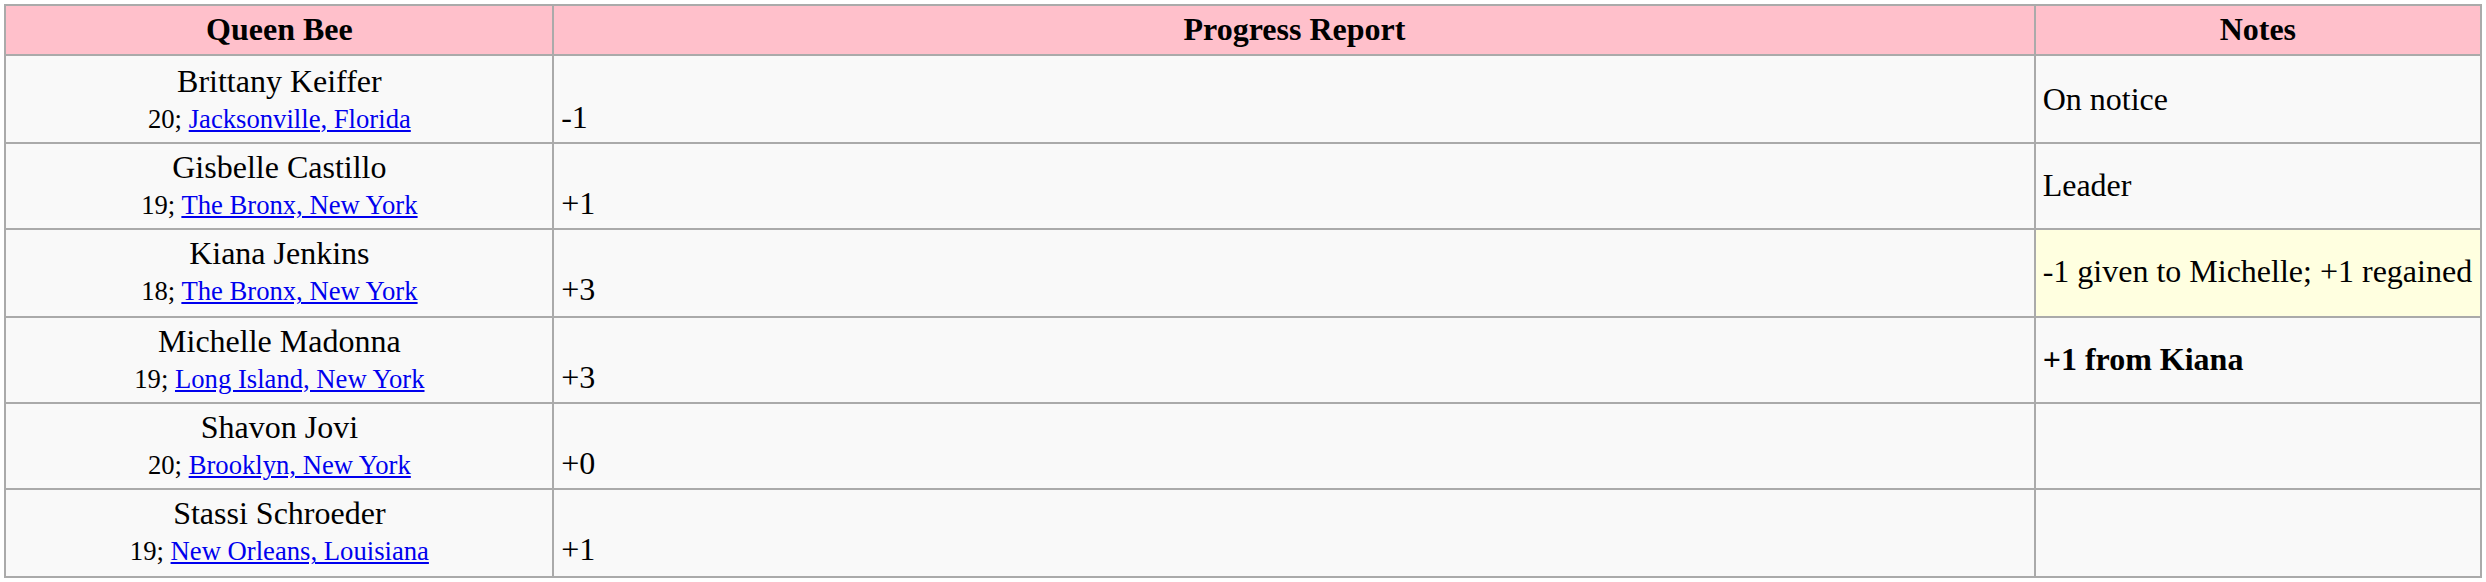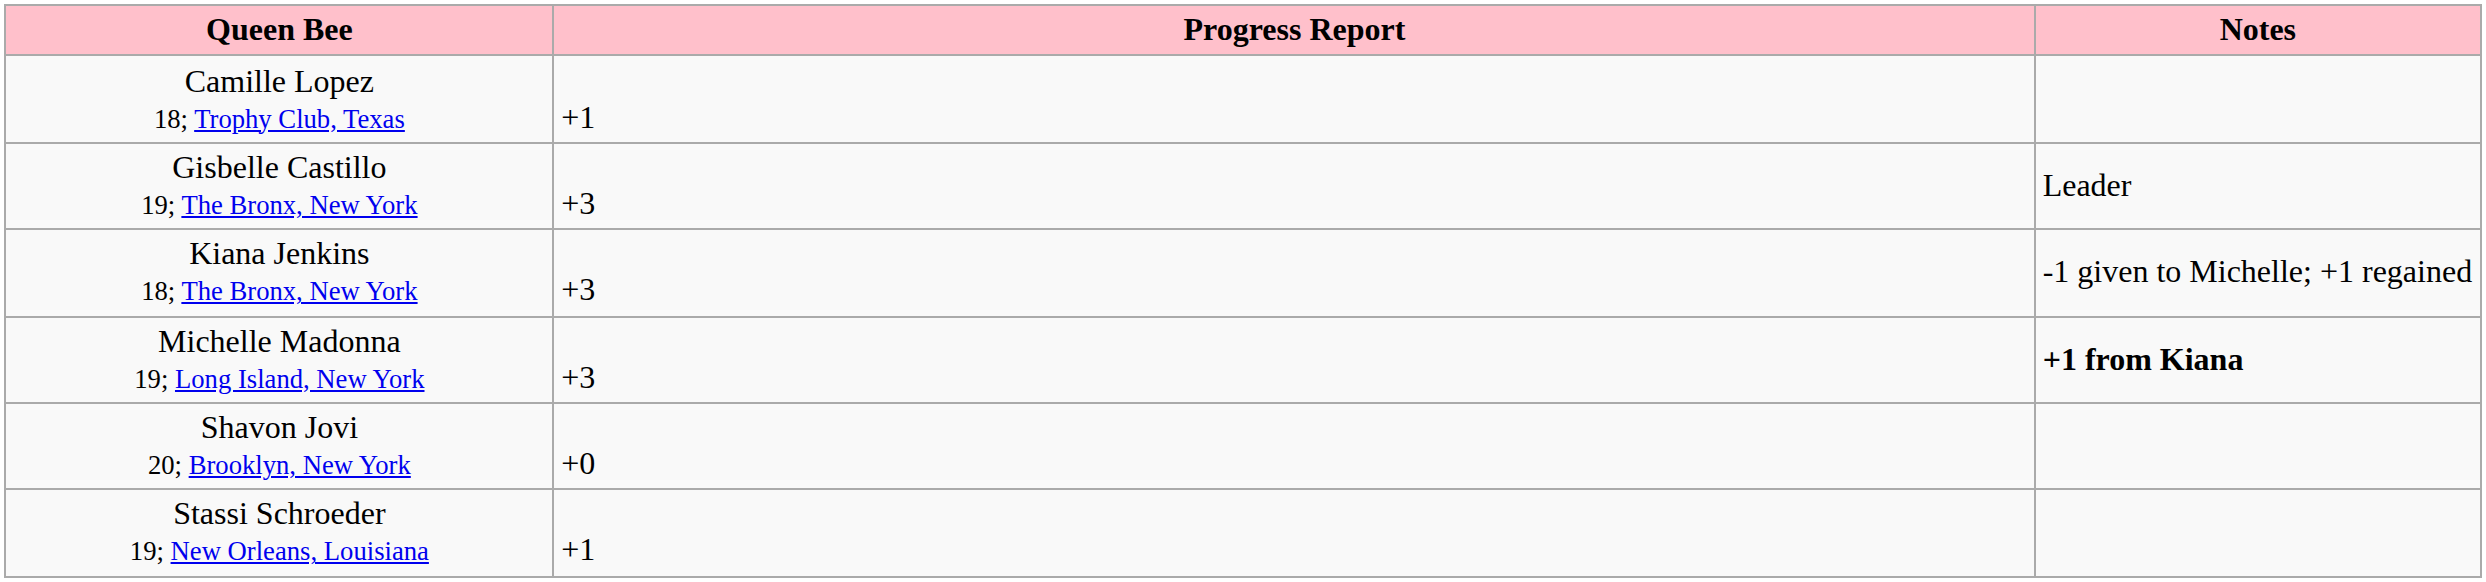 <table class="wikitable" width="98%">
 <tr>
 <th width="125" style="background:pink;">Queen Bee</th>
 <th width="350" style="background:pink;">Progress Report</th>
 <th width="100" style="background:pink;">Notes</th>
 </tr>
 <tr>
-<td style="text-align:center;">Brittany Keiffer<br><small>20; <a href='#'>Jacksonville, Florida</a></small></td>
-<td><br>  -1</td>
-<td>On notice</td>
+<td style="text-align:center;">Camille Lopez<br><small>18; <a href='#'>Trophy Club, Texas</a></small></td>
+<td><br>     +1</td>
+<td></td>
 </tr>
 <tr>
 <td style="text-align:center;">Gisbelle Castillo<br><small>19; <a href='#'>The Bronx, New York</a></small></td>
-<td><br>      +1</td>
+<td><br>      +3</td>
 <td>Leader</td>
 </tr>
 <tr>
 <td style="text-align:center;">Kiana Jenkins<br><small>18; <a href='#'>The Bronx, New York</a></small></td>
 <td><br>      +3</td>
-<td style="background: lightyellow;">-1 given to Michelle; +1 regained</td>
+<td>-1 given to Michelle; +1 regained</td>
 </tr>
 <tr>
 <td style="text-align:center;">Michelle Madonna<br><small>19; <a href='#'>Long Island, New York</a></small></td>
 <td><br>     +3</td>
 <td><strong>+1 from Kiana</strong></td>
 </tr>
 <tr>
 <td style="text-align:center;">Shavon Jovi<br><small>20; <a href='#'>Brooklyn, New York</a></small></td>
 <td><br>    +0</td>
 <td></td>
 </tr>
 <tr>
 <td style="text-align:center;">Stassi Schroeder<br><small>19; <a href='#'>New Orleans, Louisiana</a></small></td>
 <td><br>     +1</td>
 <td></td>
 </tr>
 <tr>
 </tr>
 </table>
